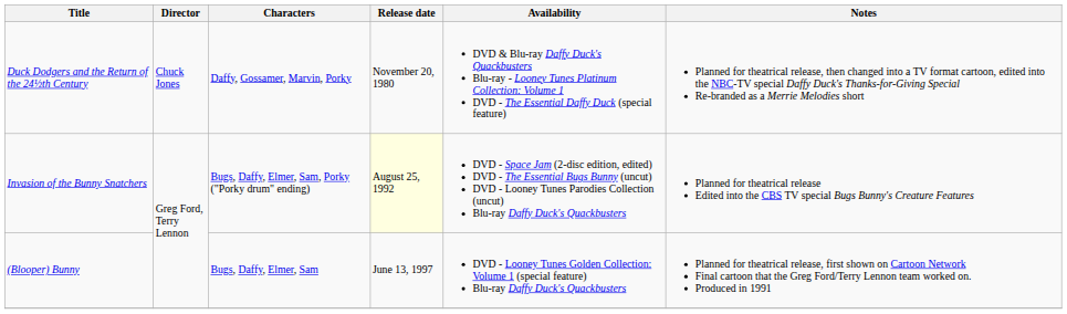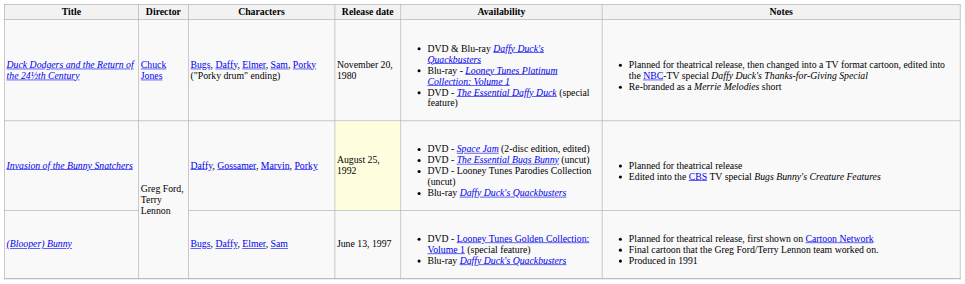 <table class="wikitable sortable">
 <tr>
 <th>Title</th>
 <th>Director</th>
 <th>Characters</th>
 <th>Release date</th>
 <th>Availability</th>
 <th>Notes</th>
 </tr>
 <tr>
 <td><em><a href='#'>Duck Dodgers and the Return of the 24½th Century</a></em></td>
 <td><a href='#'>Chuck Jones</a></td>
-<td><a href='#'>Daffy</a>, <a href='#'>Gossamer</a>, <a href='#'>Marvin</a>, <a href='#'>Porky</a></td>
+<td><a href='#'>Bugs</a>, <a href='#'>Daffy</a>, <a href='#'>Elmer</a>, <a href='#'>Sam</a>, <a href='#'>Porky</a> ("Porky drum" ending)</td>
 <td>November 20, 1980</td>
 <td><br><ul><li>DVD & Blu-ray <em><a href='#'>Daffy Duck's Quackbusters</a></em></li><li>Blu-ray - <em><a href='#'>Looney Tunes Platinum Collection: Volume 1</a></em></li><li>DVD - <em><a href='#'>The Essential Daffy Duck</a></em> (special feature)</li></ul></td>
 <td><br><ul><li>Planned for theatrical release, then changed into a TV format cartoon, edited into the <a href='#'>NBC</a>-TV special <em>Daffy Duck's Thanks-for-Giving Special</em></li><li>Re-branded as a <em>Merrie Melodies</em> short</li></ul></td>
 </tr>
 <tr>
 <td><em><a href='#'>Invasion of the Bunny Snatchers</a></em></td>
 <td rowspan="2">Greg Ford,<br>Terry Lennon</td>
-<td><a href='#'>Bugs</a>, <a href='#'>Daffy</a>, <a href='#'>Elmer</a>, <a href='#'>Sam</a>, <a href='#'>Porky</a> ("Porky drum" ending)</td>
+<td><a href='#'>Daffy</a>, <a href='#'>Gossamer</a>, <a href='#'>Marvin</a>, <a href='#'>Porky</a></td>
 <td style="background: lightyellow;">August 25, 1992</td>
 <td><br><ul><li>DVD - <em><a href='#'>Space Jam</a></em> (2-disc edition, edited)</li><li>DVD - <em><a href='#'>The Essential Bugs Bunny</a></em> (uncut)</li><li>DVD - Looney Tunes Parodies Collection (uncut)</li><li>Blu-ray <em><a href='#'>Daffy Duck's Quackbusters</a></em></li></ul></td>
 <td><br><ul><li>Planned for theatrical release</li><li>Edited into the <a href='#'>CBS</a> TV special <em>Bugs Bunny's Creature Features</em></li></ul></td>
 </tr>
 <tr>
 <td><em><a href='#'>(Blooper) Bunny</a></em></td>
 <td><a href='#'>Bugs</a>, <a href='#'>Daffy</a>, <a href='#'>Elmer</a>, <a href='#'>Sam</a></td>
 <td>June 13, 1997</td>
 <td><br><ul><li>DVD - <a href='#'>Looney Tunes Golden Collection: Volume 1</a> (special feature)</li><li>Blu-ray <em><a href='#'>Daffy Duck's Quackbusters</a></em></li></ul></td>
 <td><br><ul><li>Planned for theatrical release, first shown on <a href='#'>Cartoon Network</a></li><li>Final cartoon that the Greg Ford/Terry Lennon team worked on.</li><li>Produced in 1991</li></ul></td>
 </tr>
 <tr>
 </tr>
 </table>
